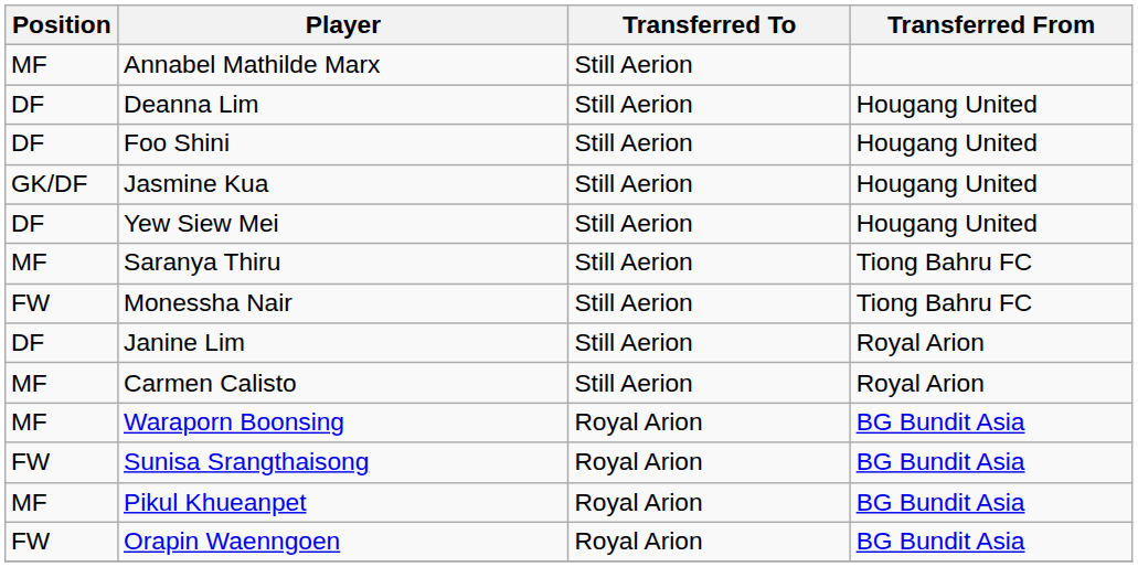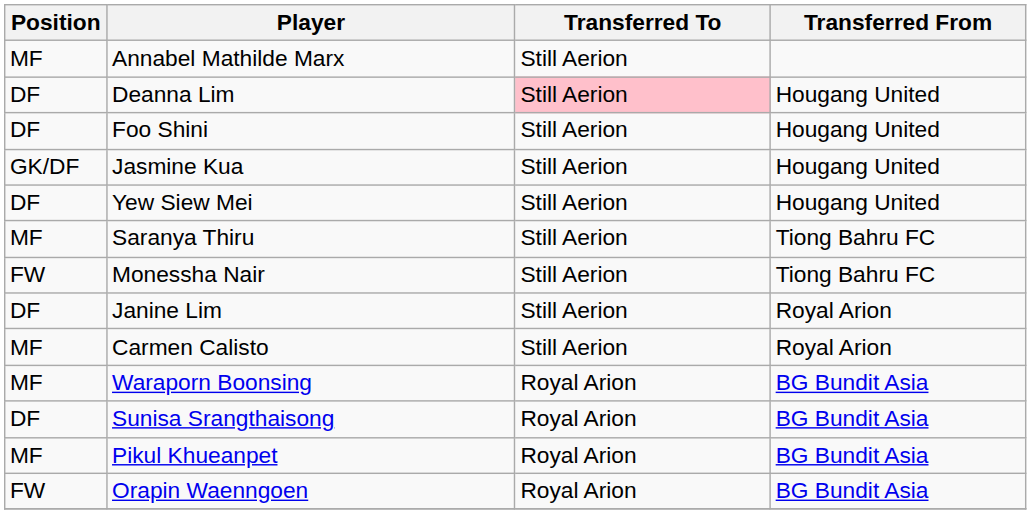 <table class="wikitable sortable" style="width:45em; text-align:center; font-size:100%; text-align:left;">
 <tr>
 <th style="width:10%;">Position</th>
 <th style="width:40%;">Player</th>
 <th style="width:25%;">Transferred To</th>
 <th style="width:25%;">Transferred From</th>
 </tr>
 <tr>
 <td>MF</td>
 <td> Annabel Mathilde Marx</td>
 <td> Still Aerion</td>
 <td></td>
 </tr>
 <tr>
 <td>DF</td>
 <td> Deanna Lim</td>
-<td> Still Aerion</td>
+<td style="background: pink;"> Still Aerion</td>
 <td> Hougang United</td>
 </tr>
 <tr>
 <td>DF</td>
 <td> Foo Shini</td>
 <td> Still Aerion</td>
 <td> Hougang United</td>
 </tr>
 <tr>
 <td>GK/DF</td>
 <td> Jasmine Kua</td>
 <td> Still Aerion</td>
 <td> Hougang United</td>
 </tr>
 <tr>
 <td>DF</td>
 <td> Yew Siew Mei</td>
 <td> Still Aerion</td>
 <td> Hougang United</td>
 </tr>
 <tr>
 <td>MF</td>
 <td> Saranya Thiru</td>
 <td> Still Aerion</td>
 <td> Tiong Bahru FC</td>
 </tr>
 <tr>
 <td>FW</td>
 <td> Monessha Nair</td>
 <td> Still Aerion</td>
 <td> Tiong Bahru FC</td>
 </tr>
 <tr>
 <td>DF</td>
 <td> Janine Lim</td>
 <td> Still Aerion</td>
 <td> Royal Arion</td>
 </tr>
 <tr>
 <td>MF</td>
 <td> Carmen Calisto</td>
 <td> Still Aerion</td>
 <td> Royal Arion</td>
 </tr>
 <tr>
 <td>MF</td>
 <td> <a href='#'>Waraporn Boonsing</a></td>
 <td> Royal Arion</td>
 <td> <a href='#'>BG Bundit Asia</a></td>
 </tr>
 <tr>
-<td>FW</td>
+<td>DF</td>
 <td> <a href='#'>Sunisa Srangthaisong</a></td>
 <td> Royal Arion</td>
 <td> <a href='#'>BG Bundit Asia</a></td>
 </tr>
 <tr>
 <td>MF</td>
 <td> <a href='#'>Pikul Khueanpet</a></td>
 <td> Royal Arion</td>
 <td> <a href='#'>BG Bundit Asia</a></td>
 </tr>
 <tr>
 <td>FW</td>
 <td> <a href='#'>Orapin Waenngoen</a></td>
 <td> Royal Arion</td>
 <td> <a href='#'>BG Bundit Asia</a></td>
 </tr>
 <tr>
 </tr>
 </table>
